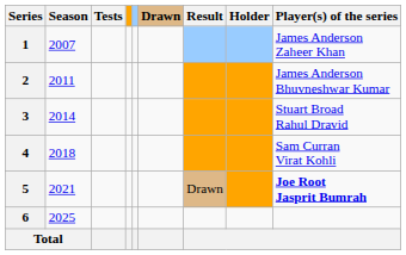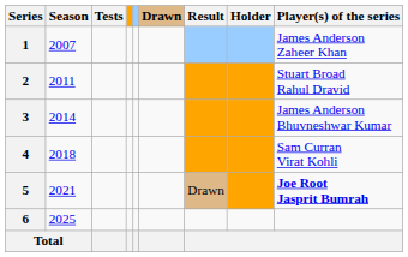 <table class="wikitable sortable">
 <tr>
 <th class="unsortable">Series</th>
 <th class="unsortable">Season</th>
 <th class="unsortable">Tests</th>
 <th style="background: Orange;"></th>
 <th style="background:#99ccff"></th>
 <th style="background:#deb887">Drawn</th>
 <th class="unsortable">Result</th>
 <th class="unsortable">Holder</th>
 <th class="unsortable">Player(s) of the series</th>
 </tr>
 <tr>
 <th scope=row align=center>1</th>
 <td><a href='#'>2007</a></td>
 <td></td>
 <td></td>
 <td></td>
 <td></td>
 <td style="background:#99ccff"></td>
 <td style="background:#99ccff"></td>
 <td> <a href='#'>James Anderson</a><br>   <a href='#'>Zaheer Khan</a></td>
 </tr>
 <tr>
 <th scope=row align=center>2</th>
 <td><a href='#'>2011</a></td>
 <td></td>
 <td></td>
 <td></td>
 <td></td>
 <td style="background: Orange;"></td>
 <td style="background: Orange;"></td>
-<td> <a href='#'>James Anderson</a><br>   <a href='#'>Bhuvneshwar Kumar</a></td>
+<td> <a href='#'>Stuart Broad</a><br>   <a href='#'>Rahul Dravid</a></td>
 </tr>
 <tr>
 <th scope=row align=center>3</th>
 <td><a href='#'>2014</a></td>
 <td></td>
 <td></td>
 <td></td>
 <td></td>
 <td style="background: Orange;"></td>
 <td style="background: Orange;"></td>
-<td> <a href='#'>Stuart Broad</a><br>   <a href='#'>Rahul Dravid</a></td>
+<td> <a href='#'>James Anderson</a><br>   <a href='#'>Bhuvneshwar Kumar</a></td>
 </tr>
 <tr>
 <th scope=row align=center>4</th>
 <td><a href='#'>2018</a></td>
 <td></td>
 <td></td>
 <td></td>
 <td></td>
 <td style="background: Orange;"></td>
 <td style="background: Orange;"></td>
 <td> <a href='#'>Sam Curran</a><br>  <a href='#'>Virat Kohli</a></td>
 </tr>
 <tr>
 <th scope=row align=center>5</th>
 <td><a href='#'>2021</a></td>
 <td></td>
 <td></td>
 <td></td>
 <td></td>
 <td style="background:#deb887">Drawn</td>
 <td style="background: Orange;"></td>
 <td><strong> <a href='#'>Joe Root</a><br>  <a href='#'>Jasprit Bumrah</a></strong></td>
 </tr>
 <tr>
 <th scope=row align=center>6</th>
 <td><a href='#'>2025</a></td>
 <td></td>
 <td></td>
 <td></td>
 <td></td>
 <td></td>
 <td></td>
 </tr>
 <tr>
 <th colspan="2" align="center" style="bold">Total</th>
 <th></th>
 <th></th>
 <th></th>
 <th></th>
 <th colspan="3" align="center" style="bold"></th>
 </tr>
 </table>
